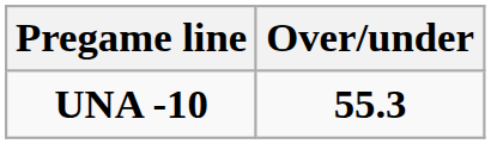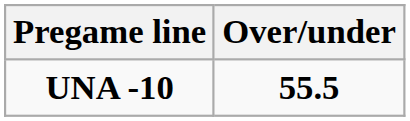 <table class="wikitable">
 <tr align="center">
 <th>Pregame line</th>
 <th>Over/under</th>
 </tr>
 <tr align="center">
 <td><strong>UNA -10</strong></td>
-<td><strong>55.3</strong></td>
+<td><strong>55.5</strong></td>
 </tr>
 </table>
